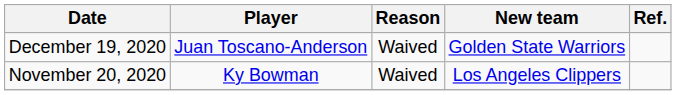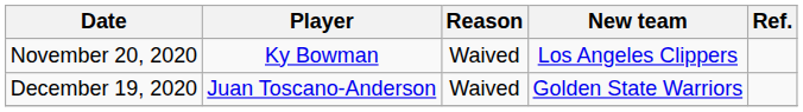 <table class="wikitable sortable sortable" style="text-align: center">
 <tr>
 <th>Date</th>
 <th>Player</th>
 <th>Reason</th>
 <th>New team</th>
 <th>Ref.</th>
 </tr>
 <tr>
+<td>November 20, 2020</td>
+<td><a href='#'>Ky Bowman</a></td>
+<td>Waived</td>
+<td><a href='#'>Los Angeles Clippers</a></td>
+<td></td>
+</tr>
+<tr>
 <td>December 19, 2020</td>
 <td><a href='#'>Juan Toscano-Anderson</a></td>
 <td>Waived</td>
 <td><a href='#'>Golden State Warriors</a></td>
 <td></td>
 </tr>
 <tr>
-<td>November 20, 2020</td>
-<td><a href='#'>Ky Bowman</a></td>
-<td>Waived</td>
-<td><a href='#'>Los Angeles Clippers</a></td>
-<td></td>
-</tr>
-<tr>
 </tr>
 </table>
